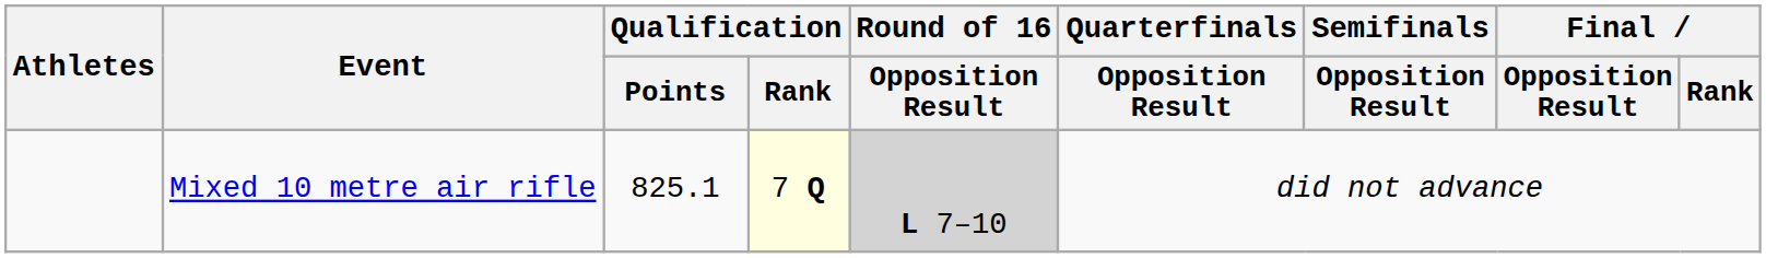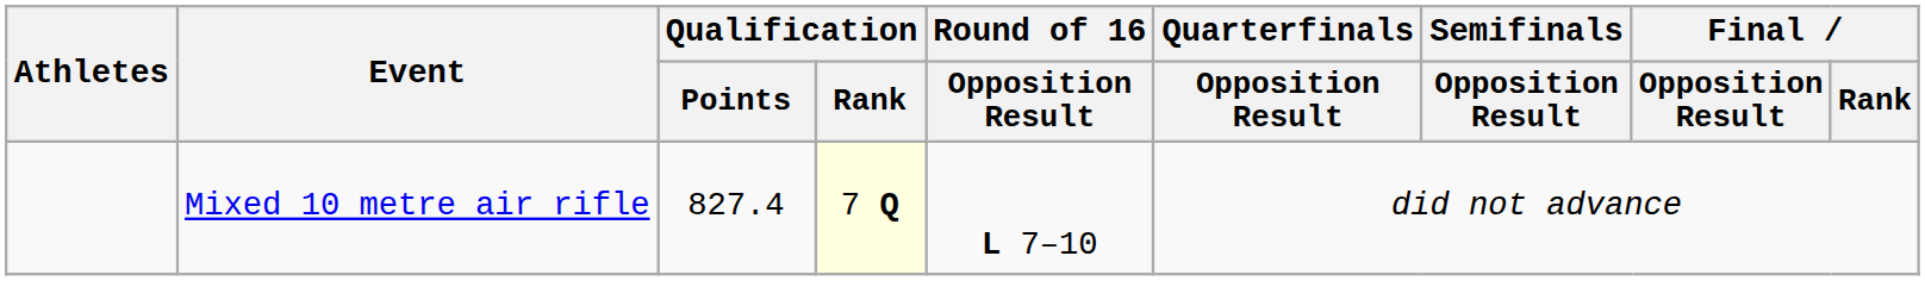 <table class="wikitable" style="font-size:90%;">
 <tr>
 <th rowspan=2>Athletes</th>
 <th rowspan=2>Event</th>
 <th colspan=2>Qualification</th>
 <th>Round of 16</th>
 <th>Quarterfinals</th>
 <th>Semifinals</th>
 <th colspan=2>Final / </th>
 </tr>
 <tr style="font-size:95%">
 <th>Points</th>
 <th>Rank</th>
 <th>Opposition<br>Result</th>
 <th>Opposition<br>Result</th>
 <th>Opposition<br>Result</th>
 <th>Opposition<br>Result</th>
 <th>Rank</th>
 </tr>
 <tr align=center>
 <td align=left><br></td>
 <td align=left><a href='#'>Mixed 10 metre air rifle</a></td>
-<td>825.1</td>
+<td>827.4</td>
 <td style="background: lightyellow;">7 <strong>Q</strong></td>
-<td style="background: lightgrey;"><br><br><strong>L</strong> 7–10</td>
+<td><br><br><strong>L</strong> 7–10</td>
 <td colspan=4><em>did not advance</em></td>
 </tr>
 </table>
